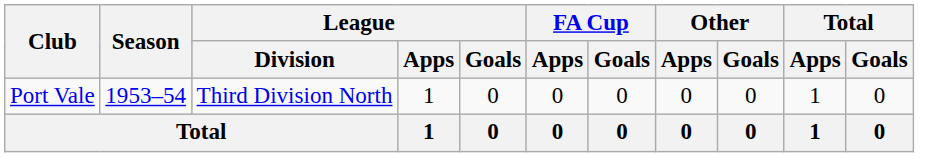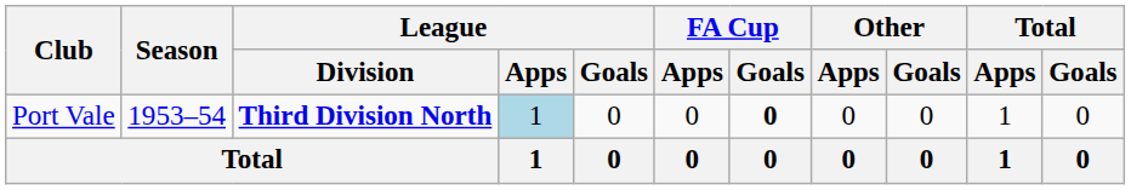 <table class="wikitable" style="text-align:center">
 <tr>
 <th rowspan="2">Club</th>
 <th rowspan="2">Season</th>
 <th colspan="3">League</th>
 <th colspan="2"><a href='#'>FA Cup</a></th>
 <th colspan="2">Other</th>
 <th colspan="2">Total</th>
 </tr>
 <tr>
 <th>Division</th>
 <th>Apps</th>
 <th>Goals</th>
 <th>Apps</th>
 <th>Goals</th>
 <th>Apps</th>
 <th>Goals</th>
 <th>Apps</th>
 <th>Goals</th>
 </tr>
 <tr>
 <td><a href='#'>Port Vale</a></td>
 <td><a href='#'>1953–54</a></td>
-<td><a href='#'>Third Division North</a></td>
-<td>1</td>
+<td><strong><a href='#'>Third Division North</a></strong></td>
+<td style="background: lightblue;">1</td>
 <td>0</td>
 <td>0</td>
-<td>0</td>
+<td><strong>0</strong></td>
 <td>0</td>
 <td>0</td>
 <td>1</td>
 <td>0</td>
 </tr>
 <tr>
 <th colspan="3">Total</th>
 <th>1</th>
 <th>0</th>
 <th>0</th>
 <th>0</th>
 <th>0</th>
 <th>0</th>
 <th>1</th>
 <th>0</th>
 </tr>
 </table>
